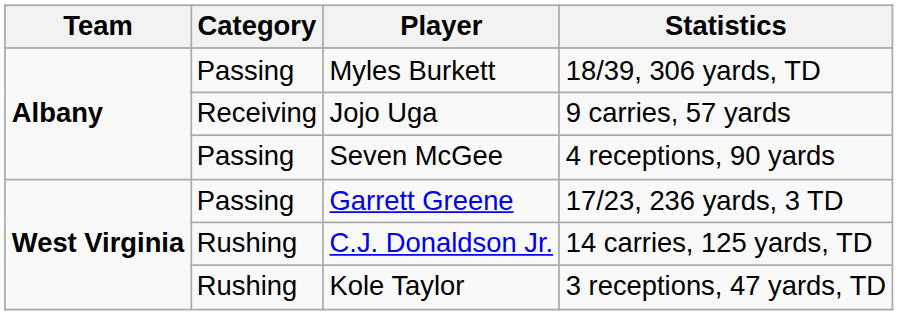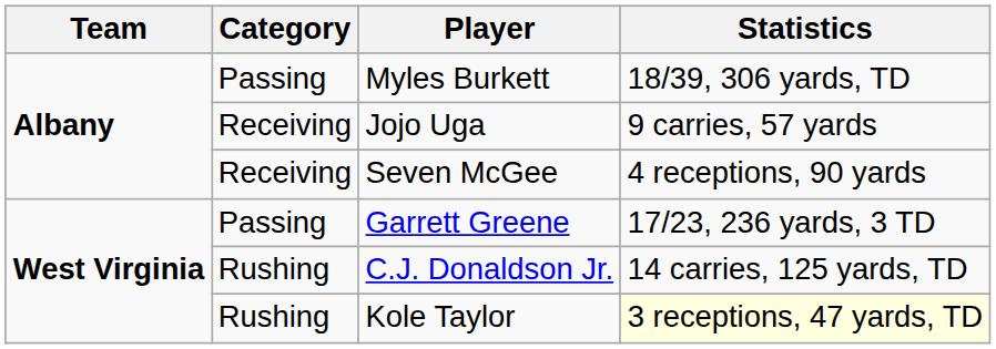 <table class="wikitable" style="float: right;">
 <tr>
 <th>Team</th>
 <th>Category</th>
 <th>Player</th>
 <th>Statistics</th>
 </tr>
 <tr>
 <td rowspan=3><strong>Albany</strong></td>
 <td>Passing</td>
 <td>Myles Burkett</td>
 <td>18/39, 306 yards, TD</td>
 </tr>
 <tr>
 <td>Receiving</td>
 <td>Jojo Uga</td>
 <td>9 carries, 57 yards</td>
 </tr>
 <tr>
-<td>Passing</td>
+<td>Receiving</td>
 <td>Seven McGee</td>
 <td>4 receptions, 90 yards</td>
 </tr>
 <tr>
 <td rowspan=3><strong>West Virginia</strong></td>
 <td>Passing</td>
 <td><a href='#'>Garrett Greene</a></td>
 <td>17/23, 236 yards, 3 TD</td>
 </tr>
 <tr>
 <td>Rushing</td>
 <td><a href='#'>C.J. Donaldson Jr.</a></td>
 <td>14 carries, 125 yards, TD</td>
 </tr>
 <tr>
 <td>Rushing</td>
 <td>Kole Taylor</td>
-<td>3 receptions, 47 yards, TD</td>
+<td style="background: lightyellow;">3 receptions, 47 yards, TD</td>
 </tr>
 </table>
